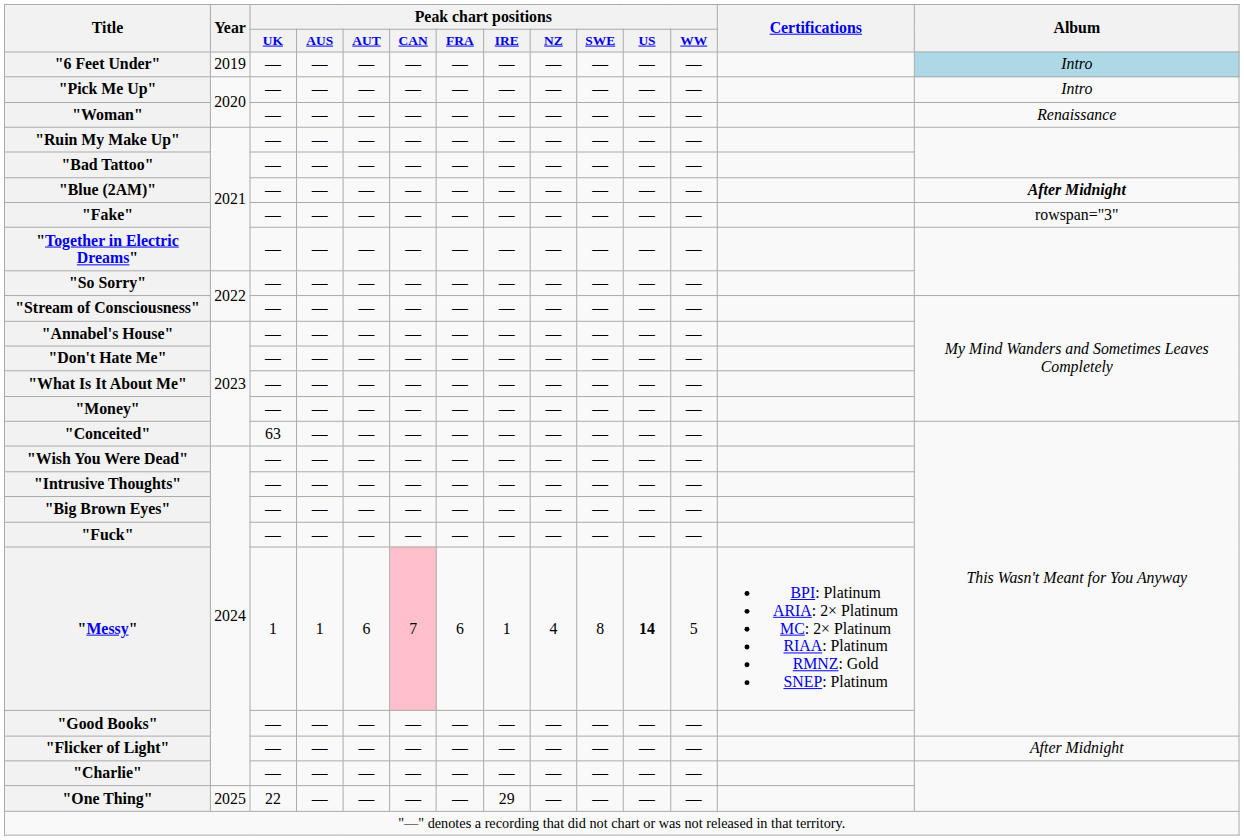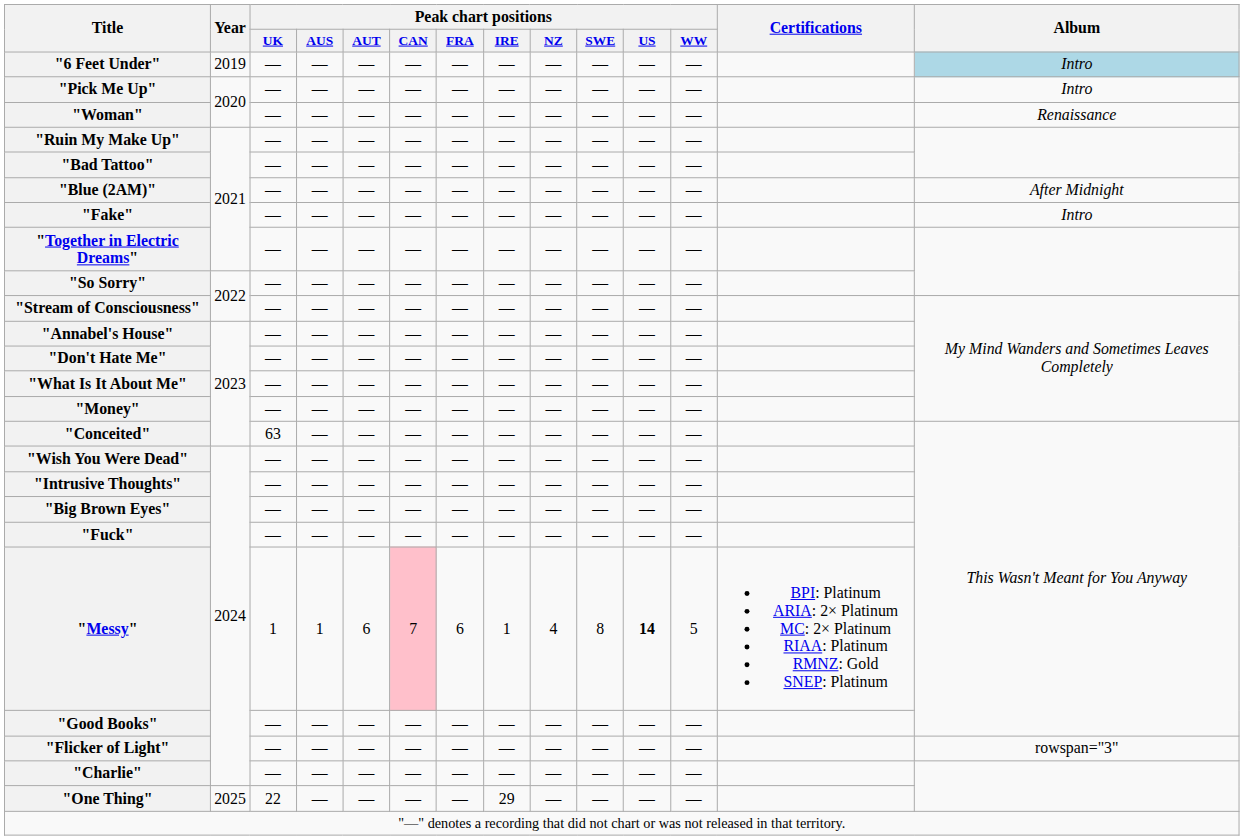 <table class="wikitable plainrowheaders" style="text-align:center;">
 <tr>
 <th scope="col" rowspan="2">Title</th>
 <th scope="col" rowspan="2">Year</th>
 <th scope="col" colspan="10">Peak chart positions</th>
 <th scope="col" rowspan="2" style="width:12em;"><a href='#'>Certifications</a></th>
 <th scope="col" rowspan="2">Album</th>
 </tr>
 <tr>
 <th scope="col" style="width:3em;font-size:85%;"><a href='#'>UK</a><br></th>
 <th scope="col" style="width:3em;font-size:85%;"><a href='#'>AUS</a><br></th>
 <th scope="col" style="width:3em;font-size:85%;"><a href='#'>AUT</a><br></th>
 <th scope="col" style="width:3em;font-size:85%;"><a href='#'>CAN</a><br></th>
 <th scope="col" style="width:3em;font-size:85%;"><a href='#'>FRA</a><br></th>
 <th scope="col" style="width:3em;font-size:85%;"><a href='#'>IRE</a><br></th>
 <th scope="col" style="width:3em;font-size:85%;"><a href='#'>NZ</a><br></th>
 <th scope="col" style="width:3em;font-size:85%;"><a href='#'>SWE</a><br></th>
 <th scope="col" style="width:3em;font-size:85%;"><a href='#'>US</a><br></th>
 <th scope="col" style="width:3em;font-size:85%;"><a href='#'>WW</a><br></th>
 </tr>
 <tr>
 <th scope="row">"6 Feet Under"</th>
 <td>2019</td>
 <td>—</td>
 <td>—</td>
 <td>—</td>
 <td>—</td>
 <td>—</td>
 <td>—</td>
 <td>—</td>
 <td>—</td>
 <td>—</td>
 <td>—</td>
 <td></td>
 <td style="background: lightblue;"><em>Intro</em></td>
 </tr>
 <tr>
 <th scope="row">"Pick Me Up"</th>
 <td rowspan="2">2020</td>
 <td>—</td>
 <td>—</td>
 <td>—</td>
 <td>—</td>
 <td>—</td>
 <td>—</td>
 <td>—</td>
 <td>—</td>
 <td>—</td>
 <td>—</td>
 <td></td>
 <td><em>Intro</em></td>
 </tr>
 <tr>
 <th scope="row">"Woman"</th>
 <td>—</td>
 <td>—</td>
 <td>—</td>
 <td>—</td>
 <td>—</td>
 <td>—</td>
 <td>—</td>
 <td>—</td>
 <td>—</td>
 <td>—</td>
 <td></td>
 <td><em>Renaissance</em></td>
 </tr>
 <tr>
 <th scope="row">"Ruin My Make Up"</th>
 <td rowspan="5">2021</td>
 <td>—</td>
 <td>—</td>
 <td>—</td>
 <td>—</td>
 <td>—</td>
 <td>—</td>
 <td>—</td>
 <td>—</td>
 <td>—</td>
 <td>—</td>
 <td></td>
 </tr>
 <tr>
 <th scope="row">"Bad Tattoo"</th>
 <td>—</td>
 <td>—</td>
 <td>—</td>
 <td>—</td>
 <td>—</td>
 <td>—</td>
 <td>—</td>
 <td>—</td>
 <td>—</td>
 <td>—</td>
 <td></td>
 </tr>
 <tr>
 <th scope="row">"Blue (2AM)"</th>
 <td>—</td>
 <td>—</td>
 <td>—</td>
 <td>—</td>
 <td>—</td>
 <td>—</td>
 <td>—</td>
 <td>—</td>
 <td>—</td>
 <td>—</td>
 <td></td>
-<td><strong><em>After Midnight</em></strong></td>
+<td><em>After Midnight</em></td>
 </tr>
 <tr>
 <th scope="row">"Fake"</th>
 <td>—</td>
 <td>—</td>
 <td>—</td>
 <td>—</td>
 <td>—</td>
 <td>—</td>
 <td>—</td>
 <td>—</td>
 <td>—</td>
 <td>—</td>
 <td></td>
-<td>rowspan="3" </td>
+<td><em>Intro</em></td>
 </tr>
 <tr>
 <th scope="row">"<a href='#'>Together in Electric Dreams</a>"</th>
 <td>—</td>
 <td>—</td>
 <td>—</td>
 <td>—</td>
 <td>—</td>
 <td>—</td>
 <td>—</td>
 <td>—</td>
 <td>—</td>
 <td>—</td>
 <td></td>
 </tr>
 <tr>
 <th scope="row">"So Sorry"</th>
 <td rowspan="2">2022</td>
 <td>—</td>
 <td>—</td>
 <td>—</td>
 <td>—</td>
 <td>—</td>
 <td>—</td>
 <td>—</td>
 <td>—</td>
 <td>—</td>
 <td>—</td>
 <td></td>
 </tr>
 <tr>
 <th scope="row">"Stream of Consciousness"</th>
 <td>—</td>
 <td>—</td>
 <td>—</td>
 <td>—</td>
 <td>—</td>
 <td>—</td>
 <td>—</td>
 <td>—</td>
 <td>—</td>
 <td>—</td>
 <td></td>
 <td rowspan="5"><em>My Mind Wanders and Sometimes Leaves Completely</em></td>
 </tr>
 <tr>
 <th scope="row">"Annabel's House"</th>
 <td rowspan="5">2023</td>
 <td>—</td>
 <td>—</td>
 <td>—</td>
 <td>—</td>
 <td>—</td>
 <td>—</td>
 <td>—</td>
 <td>—</td>
 <td>—</td>
 <td>—</td>
 <td></td>
 </tr>
 <tr>
 <th scope="row">"Don't Hate Me"</th>
 <td>—</td>
 <td>—</td>
 <td>—</td>
 <td>—</td>
 <td>—</td>
 <td>—</td>
 <td>—</td>
 <td>—</td>
 <td>—</td>
 <td>—</td>
 <td></td>
 </tr>
 <tr>
 <th scope="row">"What Is It About Me"</th>
 <td>—</td>
 <td>—</td>
 <td>—</td>
 <td>—</td>
 <td>—</td>
 <td>—</td>
 <td>—</td>
 <td>—</td>
 <td>—</td>
 <td>—</td>
 <td></td>
 </tr>
 <tr>
 <th scope="row">"Money"</th>
 <td>—</td>
 <td>—</td>
 <td>—</td>
 <td>—</td>
 <td>—</td>
 <td>—</td>
 <td>—</td>
 <td>—</td>
 <td>—</td>
 <td>—</td>
 <td></td>
 </tr>
 <tr>
 <th scope="row">"Conceited"</th>
 <td>63</td>
 <td>—</td>
 <td>—</td>
 <td>—</td>
 <td>—</td>
 <td>—</td>
 <td>—</td>
 <td>—</td>
 <td>—</td>
 <td>—</td>
 <td></td>
 <td rowspan="7"><em>This Wasn't Meant for You Anyway</em></td>
 </tr>
 <tr>
 <th scope="row">"Wish You Were Dead"</th>
 <td rowspan="8">2024</td>
 <td>—</td>
 <td>—</td>
 <td>—</td>
 <td>—</td>
 <td>—</td>
 <td>—</td>
 <td>—</td>
 <td>—</td>
 <td>—</td>
 <td>—</td>
 <td></td>
 </tr>
 <tr>
 <th scope="row">"Intrusive Thoughts"</th>
 <td>—</td>
 <td>—</td>
 <td>—</td>
 <td>—</td>
 <td>—</td>
 <td>—</td>
 <td>—</td>
 <td>—</td>
 <td>—</td>
 <td>—</td>
 <td></td>
 </tr>
 <tr>
 <th scope="row">"Big Brown Eyes"</th>
 <td>—</td>
 <td>—</td>
 <td>—</td>
 <td>—</td>
 <td>—</td>
 <td>—</td>
 <td>—</td>
 <td>—</td>
 <td>—</td>
 <td>—</td>
 <td></td>
 </tr>
 <tr>
 <th scope="row">"Fuck"</th>
 <td>—</td>
 <td>—</td>
 <td>—</td>
 <td>—</td>
 <td>—</td>
 <td>—</td>
 <td>—</td>
 <td>—</td>
 <td>—</td>
 <td>—</td>
 <td></td>
 </tr>
 <tr>
 <th scope="row">"<a href='#'>Messy</a>"</th>
 <td>1</td>
 <td>1</td>
 <td>6</td>
 <td style="background: pink;">7</td>
 <td>6</td>
 <td>1</td>
 <td>4</td>
 <td>8</td>
 <td><strong>14</strong></td>
 <td>5</td>
 <td><br><ul><li><a href='#'>BPI</a>: Platinum</li><li><a href='#'>ARIA</a>: 2× Platinum</li><li><a href='#'>MC</a>: 2× Platinum</li><li><a href='#'>RIAA</a>: Platinum</li><li><a href='#'>RMNZ</a>: Gold</li><li><a href='#'>SNEP</a>: Platinum</li></ul></td>
 </tr>
 <tr>
 <th scope="row">"Good Books"</th>
 <td>—</td>
 <td>—</td>
 <td>—</td>
 <td>—</td>
 <td>—</td>
 <td>—</td>
 <td>—</td>
 <td>—</td>
 <td>—</td>
 <td>—</td>
 <td></td>
 </tr>
 <tr>
 <th scope="row">"Flicker of Light"</th>
 <td>—</td>
 <td>—</td>
 <td>—</td>
 <td>—</td>
 <td>—</td>
 <td>—</td>
 <td>—</td>
 <td>—</td>
 <td>—</td>
 <td>—</td>
 <td></td>
-<td><em>After Midnight</em></td>
+<td>rowspan="3" </td>
 </tr>
 <tr>
 <th scope="row">"Charlie"<br></th>
 <td>—</td>
 <td>—</td>
 <td>—</td>
 <td>—</td>
 <td>—</td>
 <td>—</td>
 <td>—</td>
 <td>—</td>
 <td>—</td>
 <td>—</td>
 <td></td>
 </tr>
 <tr>
 <th scope="row">"One Thing"</th>
 <td>2025</td>
 <td>22</td>
 <td>—</td>
 <td>—</td>
 <td>—</td>
 <td>—</td>
 <td>29<br></td>
 <td>—</td>
 <td>—</td>
 <td>—</td>
 <td>—</td>
 <td></td>
 </tr>
 <tr>
 <td colspan="15" style="font-size:90%">"—" denotes a recording that did not chart or was not released in that territory.</td>
 </tr>
 </table>
